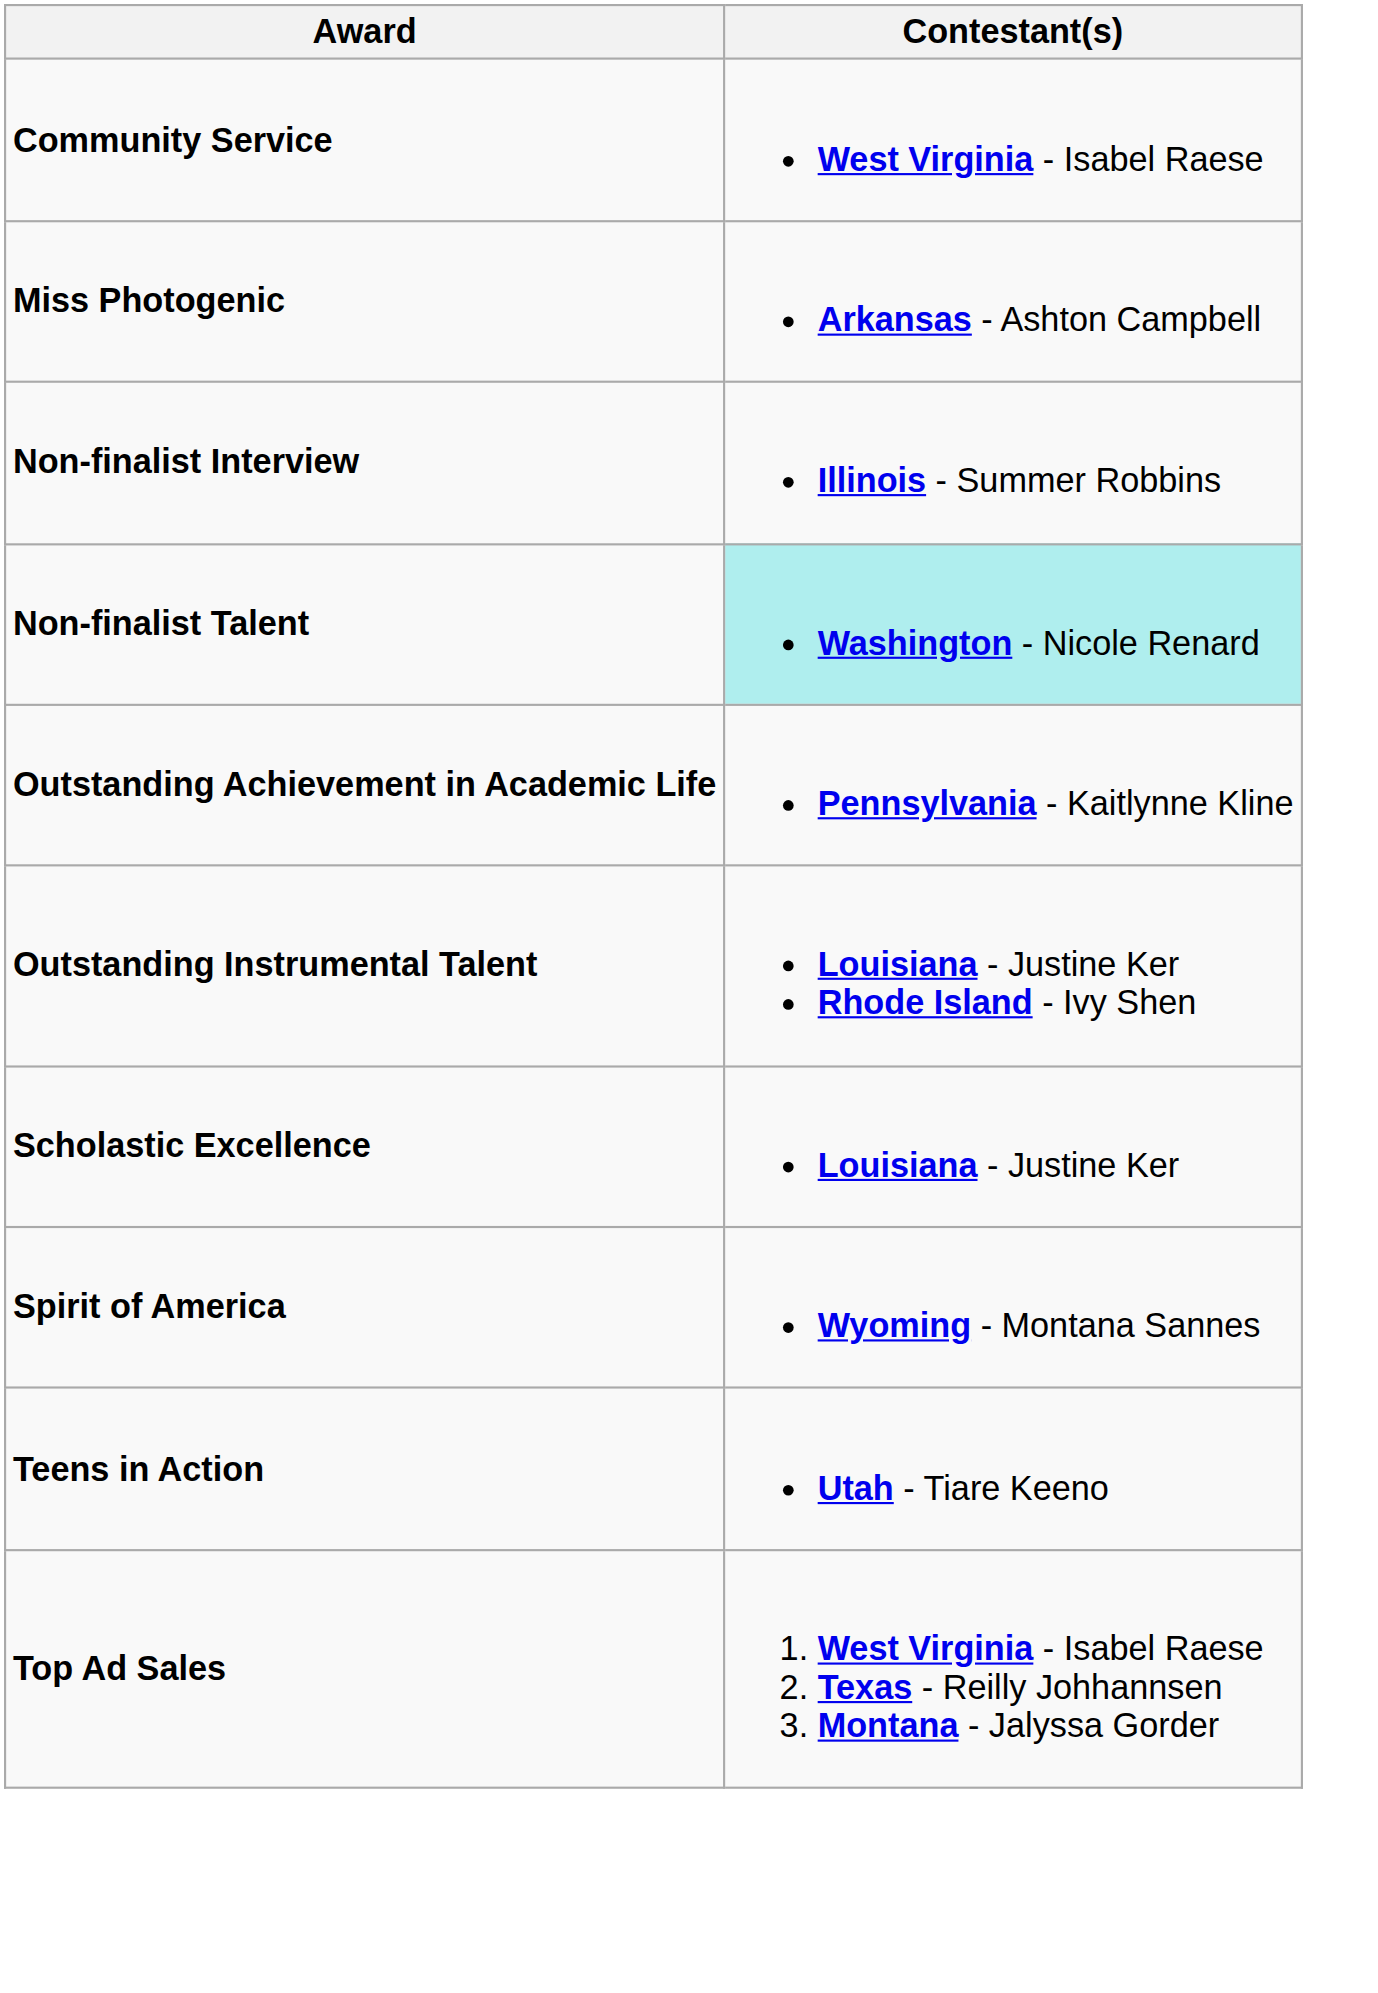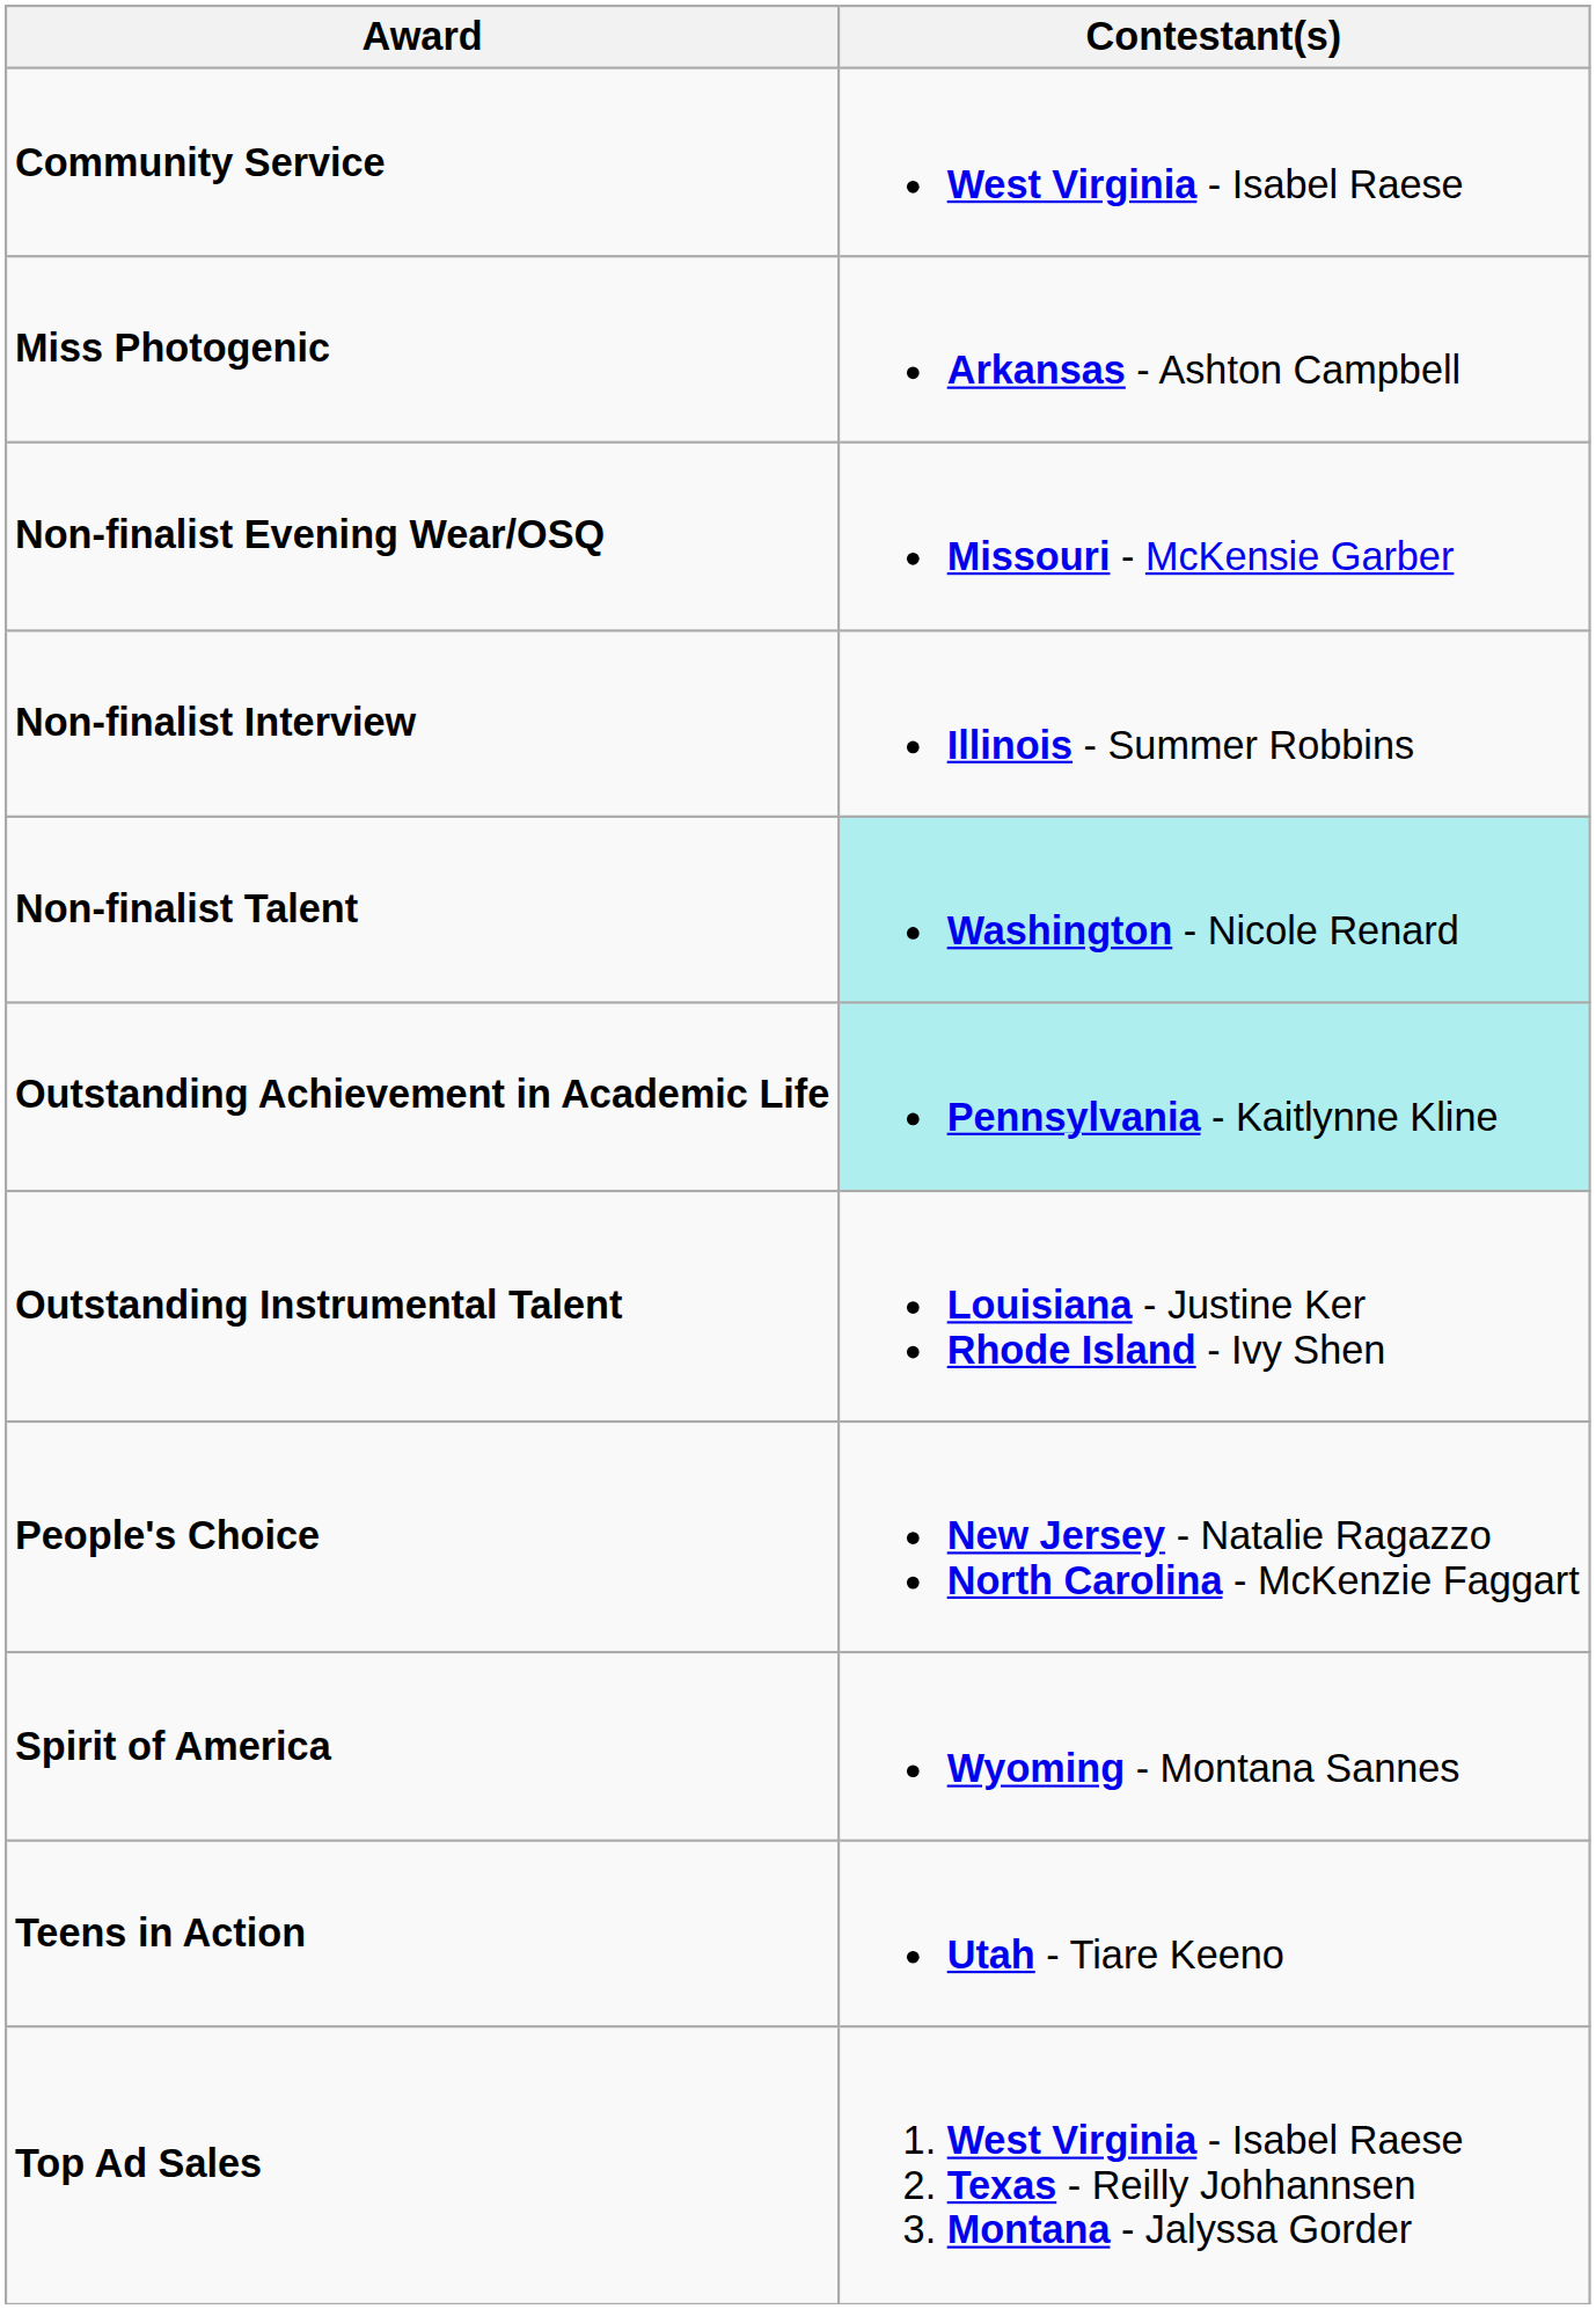 <table class="wikitable">
 <tr>
 <th>Award</th>
 <th>Contestant(s)</th>
 </tr>
 <tr>
 <td><strong>Community Service</strong></td>
 <td><br><ul><li> <strong><a href='#'>West Virginia</a></strong> - Isabel Raese</li></ul></td>
 </tr>
 <tr>
 <td><strong>Miss Photogenic</strong></td>
 <td><br><ul><li> <strong><a href='#'>Arkansas</a></strong> - Ashton Campbell</li></ul></td>
 </tr>
 <tr>
+<td><strong>Non-finalist Evening Wear/OSQ</strong></td>
+<td><br><ul><li> <strong><a href='#'>Missouri</a></strong> - <a href='#'>McKensie Garber</a></li></ul></td>
+</tr>
+<tr>
 <td><strong>Non-finalist Interview</strong></td>
 <td><br><ul><li> <strong><a href='#'>Illinois</a></strong> - Summer Robbins</li></ul></td>
 </tr>
 <tr>
 <td><strong>Non-finalist Talent</strong></td>
 <td style="background: paleturquoise;"><br><ul><li> <strong><a href='#'>Washington</a></strong> - Nicole Renard</li></ul></td>
 </tr>
 <tr>
 <td><strong>Outstanding Achievement in Academic Life</strong></td>
-<td><br><ul><li> <strong><a href='#'>Pennsylvania</a></strong> - Kaitlynne Kline</li></ul></td>
+<td style="background: paleturquoise;"><br><ul><li> <strong><a href='#'>Pennsylvania</a></strong> - Kaitlynne Kline</li></ul></td>
 </tr>
 <tr>
 <td><strong>Outstanding Instrumental Talent</strong></td>
 <td><br><ul><li> <strong><a href='#'>Louisiana</a></strong> - Justine Ker</li><li> <strong><a href='#'>Rhode Island</a></strong> - Ivy Shen</li></ul></td>
 </tr>
 <tr>
-<td><strong>Scholastic Excellence</strong></td>
-<td><br><ul><li> <strong><a href='#'>Louisiana</a></strong> - Justine Ker</li></ul></td>
+<td><strong>People's Choice</strong></td>
+<td><br><ul><li> <strong><a href='#'>New Jersey</a></strong> -  Natalie Ragazzo</li><li> <strong><a href='#'>North Carolina</a></strong> - McKenzie Faggart</li></ul></td>
 </tr>
 <tr>
 <td><strong>Spirit of America</strong></td>
 <td><br><ul><li> <strong><a href='#'>Wyoming</a></strong> - Montana Sannes</li></ul></td>
 </tr>
 <tr>
 <td><strong>Teens in Action</strong></td>
 <td><br><ul><li> <strong><a href='#'>Utah</a></strong> - Tiare Keeno</li></ul></td>
 </tr>
 <tr>
 <td><strong>Top Ad Sales</strong></td>
 <td><br><ol><li> <strong><a href='#'>West Virginia</a></strong> - Isabel Raese</li><li> <strong><a href='#'>Texas</a></strong> - Reilly Johhannsen</li><li> <strong><a href='#'>Montana</a></strong> - Jalyssa Gorder</li></ol></td>
 </tr>
 </table>
